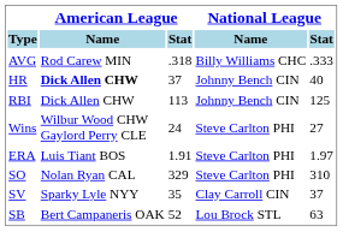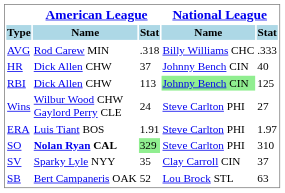 <table cellpadding="1" style="width:auto;font-size: 90%; border: 1px solid gray;">
 <tr align="center" style="font-size: larger;">
 <td> </td>
 <th colspan=2><a href='#'>American League</a></th>
 <th colspan=2><a href='#'>National League</a></th>
 </tr>
 <tr style="background:lightblue;">
 <th>Type</th>
 <th>Name</th>
 <th>Stat</th>
 <th>Name</th>
 <th>Stat</th>
 </tr>
 <tr align="center" style="vertical-align: middle;" style="background:lightblue;">
 </tr>
 <tr>
 <td><a href='#'>AVG</a></td>
 <td><a href='#'>Rod Carew</a> MIN</td>
 <td>.318</td>
 <td><a href='#'>Billy Williams</a> CHC</td>
 <td>.333</td>
 </tr>
 <tr>
 <td><a href='#'>HR</a></td>
-<td><strong><a href='#'>Dick Allen</a> CHW</strong></td>
+<td><a href='#'>Dick Allen</a> CHW</td>
 <td>37</td>
 <td><a href='#'>Johnny Bench</a> CIN</td>
 <td>40</td>
 </tr>
 <tr>
 <td><a href='#'>RBI</a></td>
 <td><a href='#'>Dick Allen</a> CHW</td>
 <td>113</td>
-<td><a href='#'>Johnny Bench</a> CIN</td>
+<td style="background: lightgreen;"><a href='#'>Johnny Bench</a> CIN</td>
 <td>125</td>
 </tr>
 <tr>
 <td><a href='#'>Wins</a></td>
 <td><a href='#'>Wilbur Wood</a> CHW<br><a href='#'>Gaylord Perry</a> CLE</td>
 <td>24</td>
 <td><a href='#'>Steve Carlton</a> PHI</td>
 <td>27</td>
 </tr>
 <tr>
 <td><a href='#'>ERA</a></td>
 <td><a href='#'>Luis Tiant</a> BOS</td>
 <td>1.91</td>
 <td><a href='#'>Steve Carlton</a> PHI</td>
 <td>1.97</td>
 </tr>
 <tr>
 <td><a href='#'>SO</a></td>
-<td><a href='#'>Nolan Ryan</a> CAL</td>
-<td>329</td>
+<td><strong><a href='#'>Nolan Ryan</a> CAL</strong></td>
+<td style="background: lightgreen;">329</td>
 <td><a href='#'>Steve Carlton</a> PHI</td>
 <td>310</td>
 </tr>
 <tr>
 <td><a href='#'>SV</a></td>
 <td><a href='#'>Sparky Lyle</a> NYY</td>
 <td>35</td>
 <td><a href='#'>Clay Carroll</a> CIN</td>
 <td>37</td>
 </tr>
 <tr>
 <td><a href='#'>SB</a></td>
 <td><a href='#'>Bert Campaneris</a> OAK</td>
 <td>52</td>
 <td><a href='#'>Lou Brock</a> STL</td>
 <td>63</td>
 </tr>
 </table>
